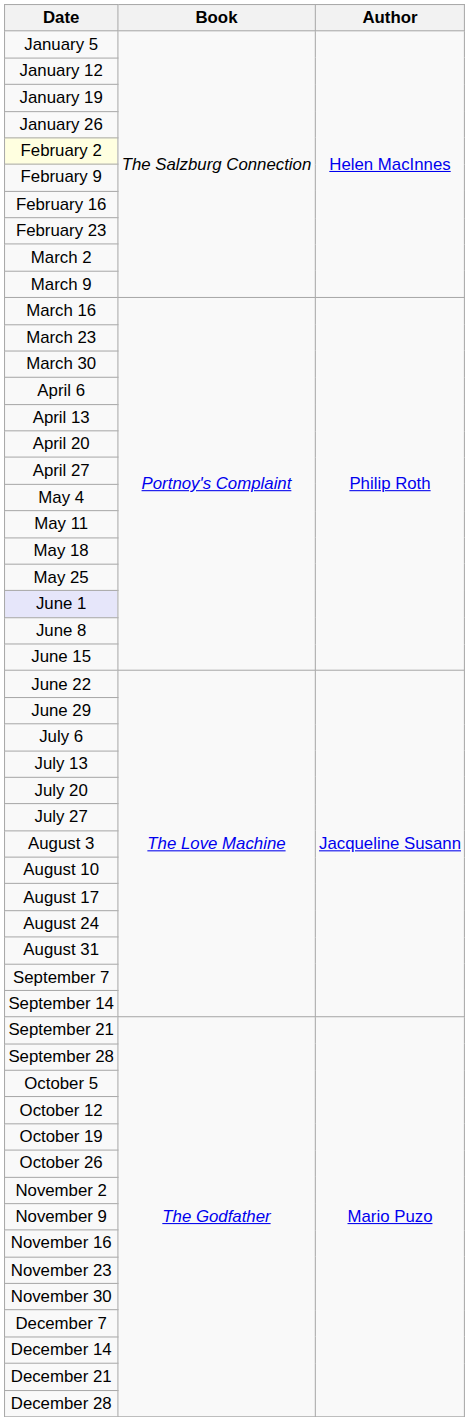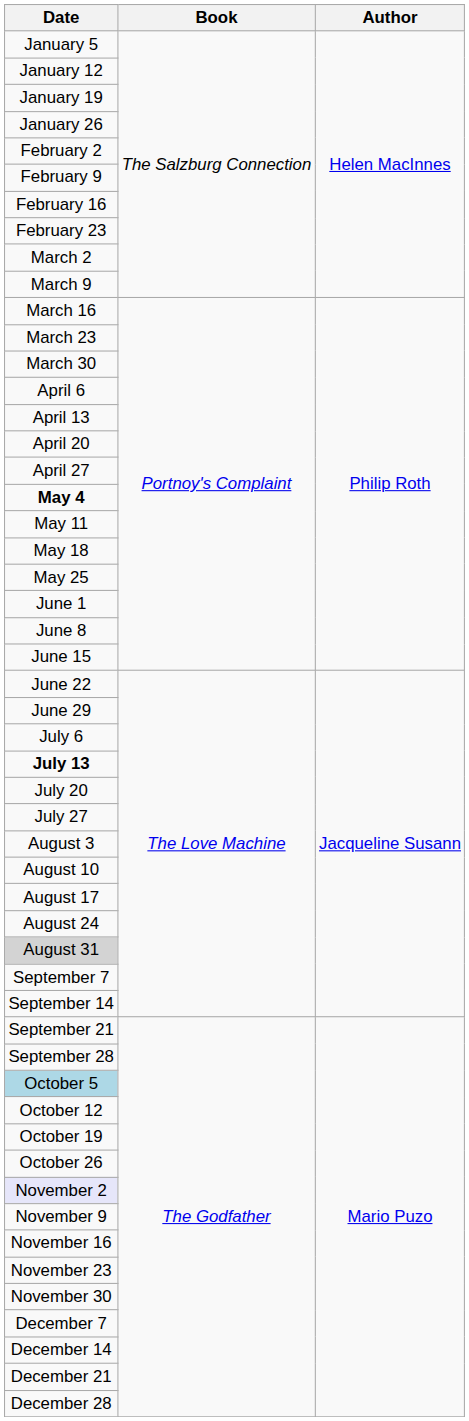 <table class="wikitable sortable" style="text-align: center">
 <tr>
 <th>Date</th>
 <th>Book</th>
 <th>Author</th>
 </tr>
 <tr>
 <td>January 5</td>
 <td rowspan=10><em>The Salzburg Connection</em></td>
 <td rowspan=10><a href='#'>Helen MacInnes</a></td>
 </tr>
 <tr>
 <td>January 12</td>
 </tr>
 <tr>
 <td>January 19</td>
 </tr>
 <tr>
 <td>January 26</td>
 </tr>
 <tr>
-<td style="background: lightyellow;">February 2</td>
+<td>February 2</td>
 </tr>
 <tr>
 <td>February 9</td>
 </tr>
 <tr>
 <td>February 16</td>
 </tr>
 <tr>
 <td>February 23</td>
 </tr>
 <tr>
 <td>March 2</td>
 </tr>
 <tr>
 <td>March 9</td>
 </tr>
 <tr>
 <td>March 16</td>
 <td rowspan=14><em><a href='#'>Portnoy's Complaint</a></em></td>
 <td rowspan=14><a href='#'>Philip Roth</a></td>
 </tr>
 <tr>
 <td>March 23</td>
 </tr>
 <tr>
 <td>March 30</td>
 </tr>
 <tr>
 <td>April 6</td>
 </tr>
 <tr>
 <td>April 13</td>
 </tr>
 <tr>
 <td>April 20</td>
 </tr>
 <tr>
 <td>April 27</td>
 </tr>
 <tr>
-<td>May 4</td>
+<td><strong>May 4</strong></td>
 </tr>
 <tr>
 <td>May 11</td>
 </tr>
 <tr>
 <td>May 18</td>
 </tr>
 <tr>
 <td>May 25</td>
 </tr>
 <tr>
-<td style="background: lavender;">June 1</td>
+<td>June 1</td>
 </tr>
 <tr>
 <td>June 8</td>
 </tr>
 <tr>
 <td>June 15</td>
 </tr>
 <tr>
 <td>June 22</td>
 <td rowspan=13><em><a href='#'>The Love Machine</a></em></td>
 <td rowspan=13><a href='#'>Jacqueline Susann</a></td>
 </tr>
 <tr>
 <td>June 29</td>
 </tr>
 <tr>
 <td>July 6</td>
 </tr>
 <tr>
-<td>July 13</td>
+<td><strong>July 13</strong></td>
 </tr>
 <tr>
 <td>July 20</td>
 </tr>
 <tr>
 <td>July 27</td>
 </tr>
 <tr>
 <td>August 3</td>
 </tr>
 <tr>
 <td>August 10</td>
 </tr>
 <tr>
 <td>August 17</td>
 </tr>
 <tr>
 <td>August 24</td>
 </tr>
 <tr>
-<td>August 31</td>
+<td style="background: lightgrey;">August 31</td>
 </tr>
 <tr>
 <td>September 7</td>
 </tr>
 <tr>
 <td>September 14</td>
 </tr>
 <tr>
 <td>September 21</td>
 <td rowspan=15><em><a href='#'>The Godfather</a></em></td>
 <td rowspan=15><a href='#'>Mario Puzo</a></td>
 </tr>
 <tr>
 <td>September 28</td>
 </tr>
 <tr>
-<td>October 5</td>
+<td style="background: lightblue;">October 5</td>
 </tr>
 <tr>
 <td>October 12</td>
 </tr>
 <tr>
 <td>October 19</td>
 </tr>
 <tr>
 <td>October 26</td>
 </tr>
 <tr>
-<td>November 2</td>
+<td style="background: lavender;">November 2</td>
 </tr>
 <tr>
 <td>November 9</td>
 </tr>
 <tr>
 <td>November 16</td>
 </tr>
 <tr>
 <td>November 23</td>
 </tr>
 <tr>
 <td>November 30</td>
 </tr>
 <tr>
 <td>December 7</td>
 </tr>
 <tr>
 <td>December 14</td>
 </tr>
 <tr>
 <td>December 21</td>
 </tr>
 <tr>
 <td>December 28</td>
 </tr>
 </table>
